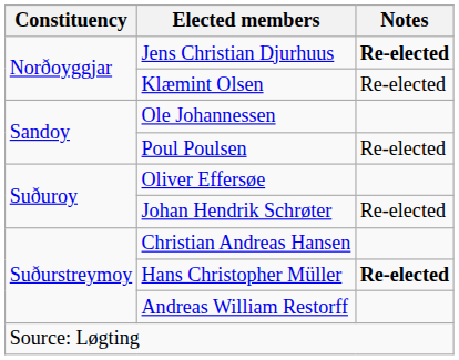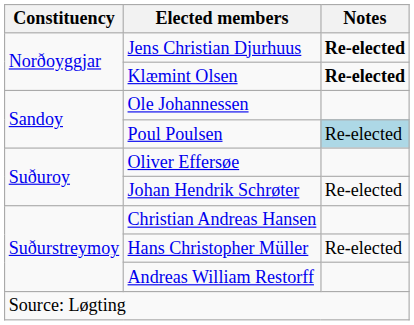 <table class=wikitable>
 <tr>
 <th>Constituency</th>
 <th>Elected members</th>
 <th>Notes</th>
 </tr>
 <tr>
 <td rowspan=2><a href='#'>Norðoyggjar</a></td>
 <td><a href='#'>Jens Christian Djurhuus</a></td>
 <td><strong>Re-elected</strong></td>
 </tr>
 <tr>
 <td><a href='#'>Klæmint Olsen</a></td>
-<td>Re-elected</td>
+<td><strong>Re-elected</strong></td>
 </tr>
 <tr>
 <td rowspan=2><a href='#'>Sandoy</a></td>
 <td><a href='#'>Ole Johannessen</a></td>
 <td></td>
 </tr>
 <tr>
 <td><a href='#'>Poul Poulsen</a></td>
-<td>Re-elected</td>
+<td style="background: lightblue;">Re-elected</td>
 </tr>
 <tr>
 <td rowspan=2><a href='#'>Suðuroy</a></td>
 <td><a href='#'>Oliver Effersøe</a></td>
 <td></td>
 </tr>
 <tr>
 <td><a href='#'>Johan Hendrik Schrøter</a></td>
 <td>Re-elected</td>
 </tr>
 <tr>
 <td rowspan=3><a href='#'>Suðurstreymoy</a></td>
 <td><a href='#'>Christian Andreas Hansen</a></td>
 <td></td>
 </tr>
 <tr>
 <td><a href='#'>Hans Christopher Müller</a></td>
-<td><strong>Re-elected</strong></td>
+<td>Re-elected</td>
 </tr>
 <tr>
 <td><a href='#'>Andreas William Restorff</a></td>
 <td></td>
 </tr>
 <tr>
 <td colspan=3>Source: Løgting</td>
 </tr>
 </table>
